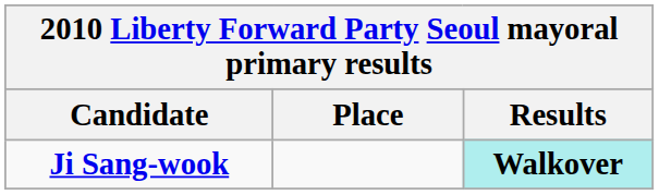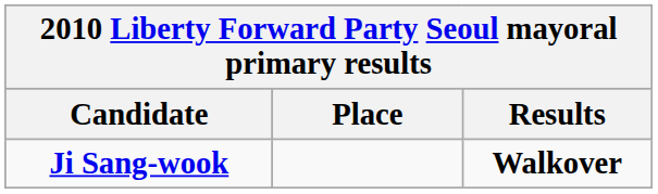 <table class="wikitable" style="text-align:center;">
 <tr>
 <th colspan=4>2010 <a href='#'>Liberty Forward Party</a> <a href='#'>Seoul</a> mayoral primary results</th>
 </tr>
 <tr>
 <th width=130><strong>Candidate</strong></th>
 <th width=90><strong>Place</strong></th>
 <th width=90><strong>Results</strong></th>
 </tr>
 <tr>
 <td><strong><a href='#'>Ji Sang-wook</a></strong></td>
 <td style="background:"><strong></strong></td>
-<td style="background: paleturquoise;"><strong>Walkover</strong></td>
+<td><strong>Walkover</strong></td>
 </tr>
 </table>
